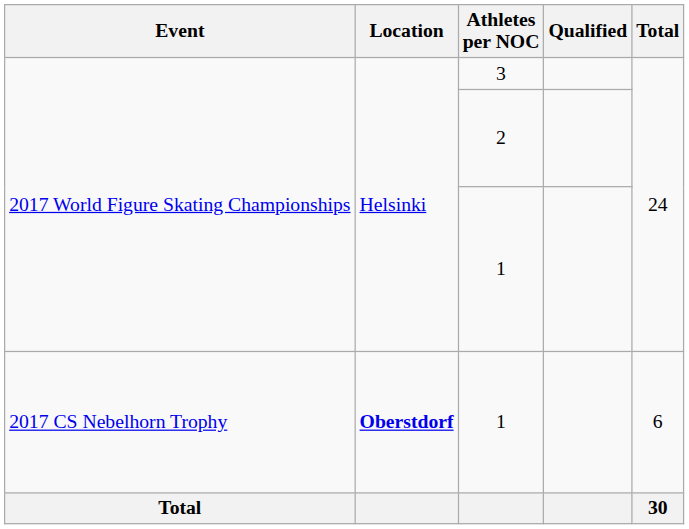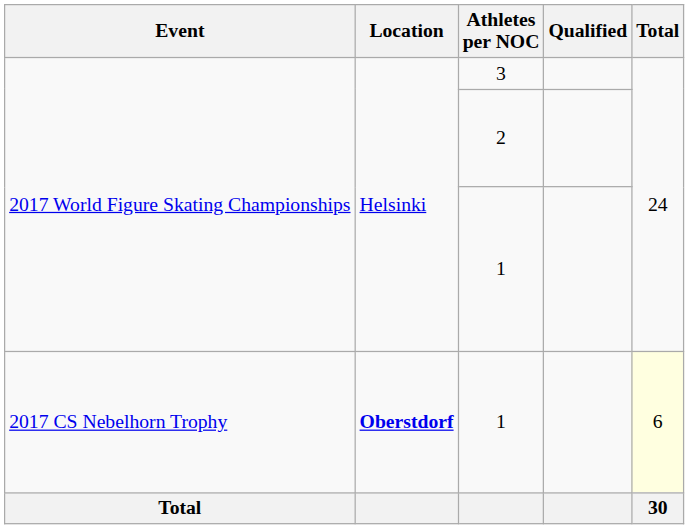 <table class="wikitable">
 <tr>
 <th>Event</th>
 <th>Location</th>
 <th>Athletes <br> per NOC</th>
 <th>Qualified</th>
 <th>Total</th>
 </tr>
 <tr>
 <td rowspan = 3><a href='#'>2017 World Figure Skating Championships</a></td>
 <td rowspan = 3> <a href='#'>Helsinki</a></td>
 <td align="center">3</td>
 <td><br></td>
 <td rowspan = 3 align="center">24</td>
 </tr>
 <tr>
 <td align="center">2</td>
 <td><br><br><br><br></td>
 </tr>
 <tr>
 <td align="center">1</td>
 <td><br><br><br><br><br><br><br></td>
 </tr>
 <tr>
 <td><a href='#'>2017 CS Nebelhorn Trophy</a></td>
 <td><strong> <a href='#'>Oberstdorf</a></strong></td>
 <td align="center">1</td>
 <td><br><s></s><br><br><br><br><br></td>
-<td rowspan = 1 align="center">6</td>
+<td rowspan = 1 align="center" style="background: lightyellow;">6</td>
 </tr>
 <tr>
 <th>Total</th>
 <th></th>
 <th></th>
 <th></th>
 <th>30</th>
 </tr>
 </table>
